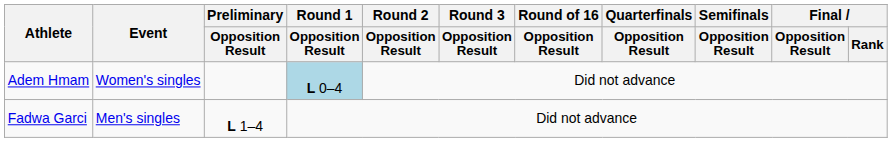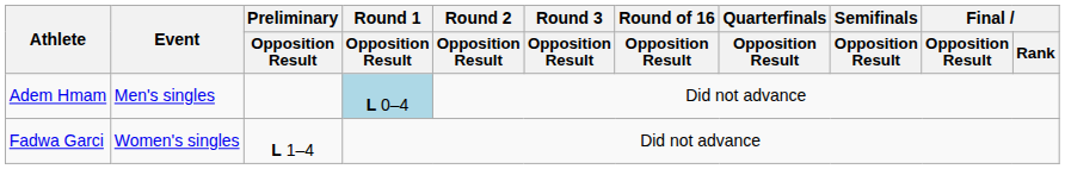 <table class="wikitable" style="font-size:90%;">
 <tr>
 <th rowspan=2>Athlete</th>
 <th rowspan=2>Event</th>
 <th>Preliminary</th>
 <th>Round 1</th>
 <th>Round 2</th>
 <th>Round 3</th>
 <th>Round of 16</th>
 <th>Quarterfinals</th>
 <th>Semifinals</th>
 <th colspan=2>Final / </th>
 </tr>
 <tr style="font-size:95%">
 <th>Opposition<br>Result</th>
 <th>Opposition<br>Result</th>
 <th>Opposition<br>Result</th>
 <th>Opposition<br>Result</th>
 <th>Opposition<br>Result</th>
 <th>Opposition<br>Result</th>
 <th>Opposition<br>Result</th>
 <th>Opposition<br>Result</th>
 <th>Rank</th>
 </tr>
 <tr align=center>
 <td align=left><a href='#'>Adem Hmam</a></td>
-<td align=left><a href='#'>Women's singles</a></td>
+<td align=left><a href='#'>Men's singles</a></td>
 <td></td>
 <td style="background: lightblue;"><br><strong>L</strong> 0–4</td>
 <td colspan=7>Did not advance</td>
 </tr>
 <tr align=center>
 <td align=left><a href='#'>Fadwa Garci</a></td>
-<td align=left><a href='#'>Men's singles</a></td>
+<td align=left><a href='#'>Women's singles</a></td>
 <td><br><strong>L</strong> 1–4</td>
 <td colspan=8>Did not advance</td>
 </tr>
 </table>
